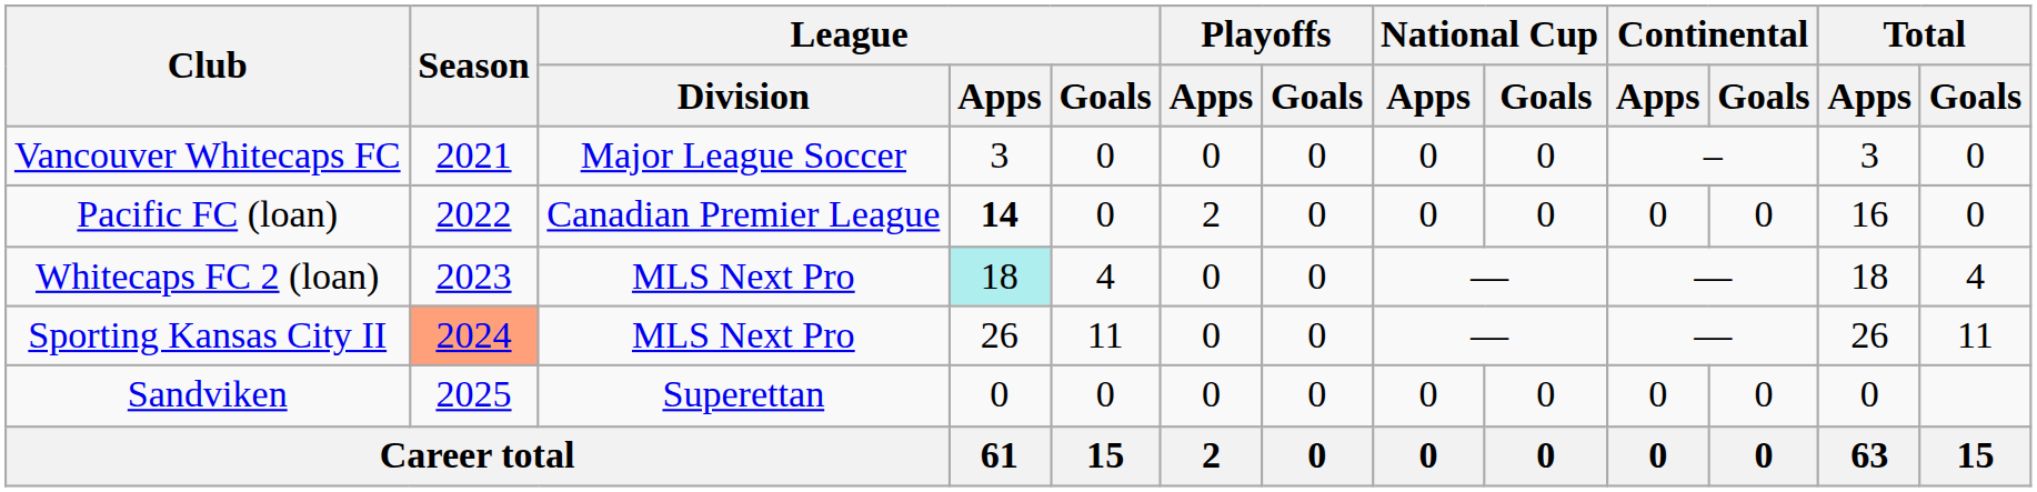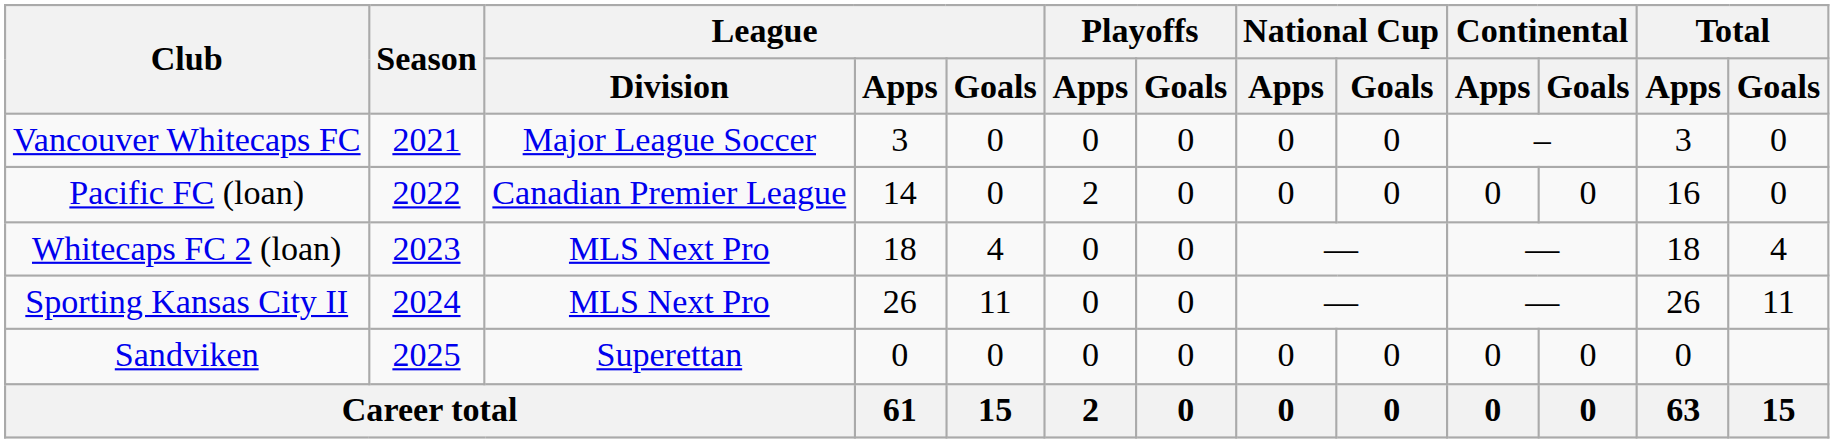 <table class="wikitable" style="text-align:center">
 <tr>
 <th rowspan="2">Club</th>
 <th rowspan="2">Season</th>
 <th colspan="3">League</th>
 <th colspan="2">Playoffs</th>
 <th colspan="2">National Cup</th>
 <th colspan="2">Continental</th>
 <th colspan="2">Total</th>
 </tr>
 <tr>
 <th>Division</th>
 <th>Apps</th>
 <th>Goals</th>
 <th>Apps</th>
 <th>Goals</th>
 <th>Apps</th>
 <th>Goals</th>
 <th>Apps</th>
 <th>Goals</th>
 <th>Apps</th>
 <th>Goals</th>
 </tr>
 <tr>
 <td><a href='#'>Vancouver Whitecaps FC</a></td>
 <td><a href='#'>2021</a></td>
 <td><a href='#'>Major League Soccer</a></td>
 <td>3</td>
 <td>0</td>
 <td>0</td>
 <td>0</td>
 <td>0</td>
 <td>0</td>
 <td colspan="2">–</td>
 <td>3</td>
 <td>0</td>
 </tr>
 <tr>
 <td><a href='#'>Pacific FC</a> (loan)</td>
 <td><a href='#'>2022</a></td>
 <td><a href='#'>Canadian Premier League</a></td>
-<td><strong>14</strong></td>
+<td>14</td>
 <td>0</td>
 <td>2</td>
 <td>0</td>
 <td>0</td>
 <td>0</td>
 <td>0</td>
 <td>0</td>
 <td>16</td>
 <td>0</td>
 </tr>
 <tr>
 <td><a href='#'>Whitecaps FC 2</a> (loan)</td>
 <td><a href='#'>2023</a></td>
 <td><a href='#'>MLS Next Pro</a></td>
-<td style="background: paleturquoise;">18</td>
+<td>18</td>
 <td>4</td>
 <td>0</td>
 <td>0</td>
 <td colspan="2">—</td>
 <td colspan="2">—</td>
 <td>18</td>
 <td>4</td>
 </tr>
 <tr>
 <td><a href='#'>Sporting Kansas City II</a></td>
-<td style="background: lightsalmon;"><a href='#'>2024</a></td>
+<td><a href='#'>2024</a></td>
 <td><a href='#'>MLS Next Pro</a></td>
 <td>26</td>
 <td>11</td>
 <td>0</td>
 <td>0</td>
 <td colspan="2">—</td>
 <td colspan="2">—</td>
 <td>26</td>
 <td>11</td>
 </tr>
 <tr>
 <td><a href='#'>Sandviken</a></td>
 <td><a href='#'>2025</a></td>
 <td><a href='#'>Superettan</a></td>
 <td>0</td>
 <td>0</td>
 <td>0</td>
 <td>0</td>
 <td>0</td>
 <td>0</td>
 <td>0</td>
 <td>0</td>
 <td>0</td>
 </tr>
 <tr>
 <th colspan="3">Career total</th>
 <th>61</th>
 <th>15</th>
 <th>2</th>
 <th>0</th>
 <th>0</th>
 <th>0</th>
 <th>0</th>
 <th>0</th>
 <th>63</th>
 <th>15</th>
 </tr>
 </table>
